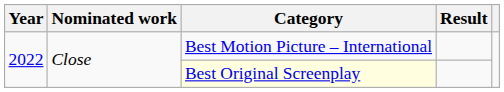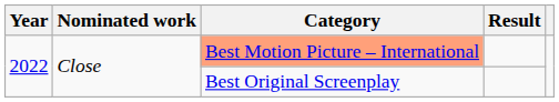 <table class="wikitable sortable">
 <tr>
 <th>Year</th>
 <th>Nominated work</th>
 <th>Category</th>
 <th>Result</th>
 <th class="unsortable"></th>
 </tr>
 <tr>
 <td rowspan="2"><a href='#'>2022</a></td>
 <td rowspan="2"><em>Close</em></td>
-<td><a href='#'>Best Motion Picture – International</a></td>
+<td style="background: lightsalmon;"><a href='#'>Best Motion Picture – International</a></td>
 <td></td>
 <td rowspan="2"></td>
 </tr>
 <tr>
-<td style="background: lightyellow;"><a href='#'>Best Original Screenplay</a></td>
+<td><a href='#'>Best Original Screenplay</a></td>
 <td></td>
 </tr>
 </table>
